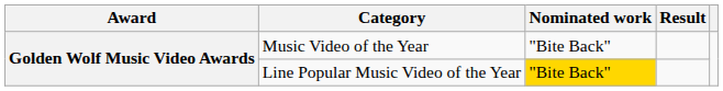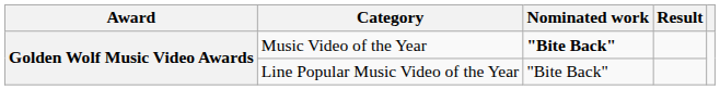 <table class="wikitable plainrowheaders">
 <tr>
 <th scope="col">Award</th>
 <th scope="col">Category</th>
 <th scope="col">Nominated work</th>
 <th scope="col">Result</th>
 <th scope="col"></th>
 </tr>
 <tr>
 <th scope="row" rowspan="2">Golden Wolf Music Video Awards</th>
 <td>Music Video of the Year</td>
-<td>"Bite Back"</td>
+<td><strong>"Bite Back"</strong></td>
 <td></td>
 <td rowspan="2"></td>
 </tr>
 <tr>
 <td>Line Popular Music Video of the Year</td>
-<td style="background: gold;">"Bite Back"</td>
+<td>"Bite Back"</td>
 <td></td>
 </tr>
 </table>
